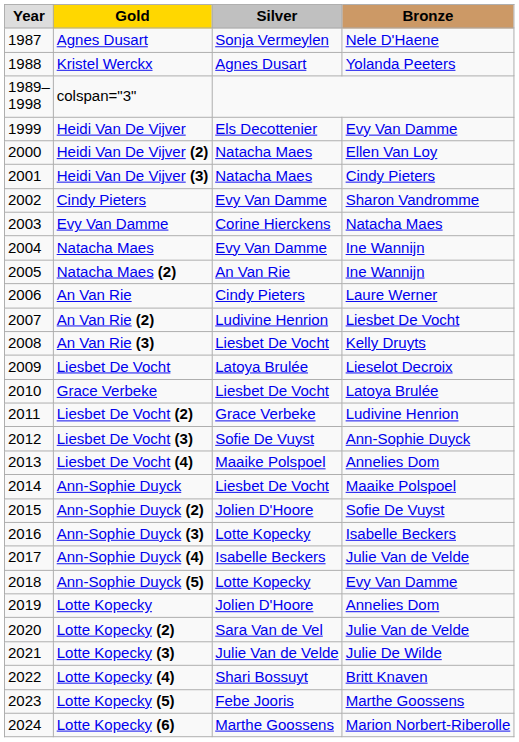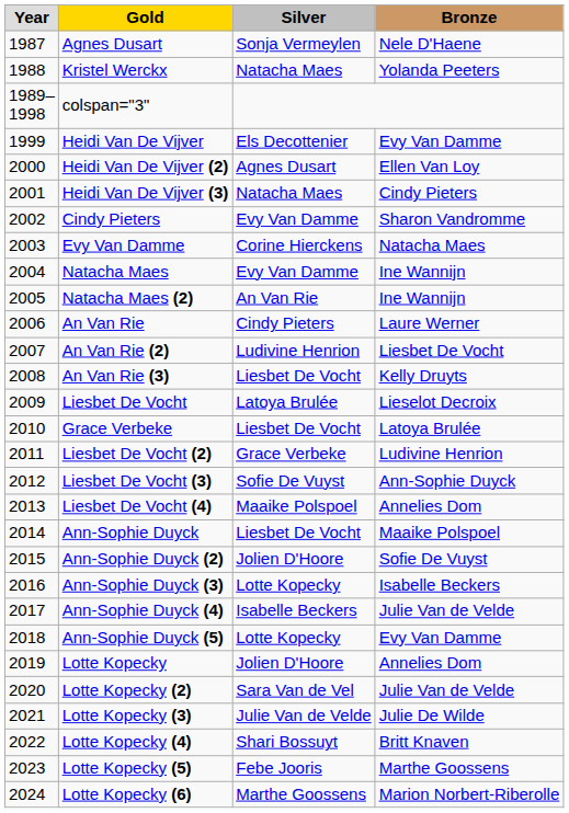 <table class="wikitable" style="text-align:left;">
 <tr>
 <td style="background:#DDDDDD; font-weight:bold; text-align:center;">Year</td>
 <td style="background:gold; font-weight:bold; text-align:center;">Gold</td>
 <td style="background:silver; font-weight:bold; text-align:center;">Silver</td>
 <td style="background:#cc9966; font-weight:bold; text-align:center;">Bronze</td>
 </tr>
 <tr>
 <td>1987</td>
 <td><a href='#'>Agnes Dusart</a></td>
 <td><a href='#'>Sonja Vermeylen</a></td>
 <td><a href='#'>Nele D'Haene</a></td>
 </tr>
 <tr>
 <td>1988</td>
 <td><a href='#'>Kristel Werckx</a></td>
-<td><a href='#'>Agnes Dusart</a></td>
+<td><a href='#'>Natacha Maes</a></td>
 <td><a href='#'>Yolanda Peeters</a></td>
 </tr>
 <tr>
 <td>1989–<br>1998</td>
 <td>colspan="3" </td>
 </tr>
 <tr>
 <td>1999</td>
 <td><a href='#'>Heidi Van De Vijver</a></td>
 <td><a href='#'>Els Decottenier</a></td>
 <td><a href='#'>Evy Van Damme</a></td>
 </tr>
 <tr>
 <td>2000</td>
 <td><a href='#'>Heidi Van De Vijver</a> <strong>(2)</strong></td>
-<td><a href='#'>Natacha Maes</a></td>
+<td><a href='#'>Agnes Dusart</a></td>
 <td><a href='#'>Ellen Van Loy</a></td>
 </tr>
 <tr>
 <td>2001</td>
 <td><a href='#'>Heidi Van De Vijver</a> <strong>(3)</strong></td>
 <td><a href='#'>Natacha Maes</a></td>
 <td><a href='#'>Cindy Pieters</a></td>
 </tr>
 <tr>
 <td>2002</td>
 <td><a href='#'>Cindy Pieters</a></td>
 <td><a href='#'>Evy Van Damme</a></td>
 <td><a href='#'>Sharon Vandromme</a></td>
 </tr>
 <tr>
 <td>2003</td>
 <td><a href='#'>Evy Van Damme</a></td>
 <td><a href='#'>Corine Hierckens</a></td>
 <td><a href='#'>Natacha Maes</a></td>
 </tr>
 <tr>
 <td>2004</td>
 <td><a href='#'>Natacha Maes</a></td>
 <td><a href='#'>Evy Van Damme</a></td>
 <td><a href='#'>Ine Wannijn</a></td>
 </tr>
 <tr>
 <td>2005</td>
 <td><a href='#'>Natacha Maes</a> <strong>(2)</strong></td>
 <td><a href='#'>An Van Rie</a></td>
 <td><a href='#'>Ine Wannijn</a></td>
 </tr>
 <tr>
 <td>2006</td>
 <td><a href='#'>An Van Rie</a></td>
 <td><a href='#'>Cindy Pieters</a></td>
 <td><a href='#'>Laure Werner</a></td>
 </tr>
 <tr>
 <td>2007</td>
 <td><a href='#'>An Van Rie</a> <strong>(2)</strong></td>
 <td><a href='#'>Ludivine Henrion</a></td>
 <td><a href='#'>Liesbet De Vocht</a></td>
 </tr>
 <tr>
 <td>2008</td>
 <td><a href='#'>An Van Rie</a> <strong>(3)</strong></td>
 <td><a href='#'>Liesbet De Vocht</a></td>
 <td><a href='#'>Kelly Druyts</a></td>
 </tr>
 <tr>
 <td>2009</td>
 <td><a href='#'>Liesbet De Vocht</a></td>
 <td><a href='#'>Latoya Brulée</a></td>
 <td><a href='#'>Lieselot Decroix</a></td>
 </tr>
 <tr>
 <td>2010</td>
 <td><a href='#'>Grace Verbeke</a></td>
 <td><a href='#'>Liesbet De Vocht</a></td>
 <td><a href='#'>Latoya Brulée</a></td>
 </tr>
 <tr>
 <td>2011</td>
 <td><a href='#'>Liesbet De Vocht</a> <strong>(2)</strong></td>
 <td><a href='#'>Grace Verbeke</a></td>
 <td><a href='#'>Ludivine Henrion</a></td>
 </tr>
 <tr>
 <td>2012</td>
 <td><a href='#'>Liesbet De Vocht</a> <strong>(3)</strong></td>
 <td><a href='#'>Sofie De Vuyst</a></td>
 <td><a href='#'>Ann-Sophie Duyck</a></td>
 </tr>
 <tr>
 <td>2013</td>
 <td><a href='#'>Liesbet De Vocht</a> <strong>(4)</strong></td>
 <td><a href='#'>Maaike Polspoel</a></td>
 <td><a href='#'>Annelies Dom</a></td>
 </tr>
 <tr>
 <td>2014</td>
 <td><a href='#'>Ann-Sophie Duyck</a></td>
 <td><a href='#'>Liesbet De Vocht</a></td>
 <td><a href='#'>Maaike Polspoel</a></td>
 </tr>
 <tr>
 <td>2015</td>
 <td><a href='#'>Ann-Sophie Duyck</a> <strong>(2)</strong></td>
 <td><a href='#'>Jolien D'Hoore</a></td>
 <td><a href='#'>Sofie De Vuyst</a></td>
 </tr>
 <tr>
 <td>2016</td>
 <td><a href='#'>Ann-Sophie Duyck</a> <strong>(3)</strong></td>
 <td><a href='#'>Lotte Kopecky</a></td>
 <td><a href='#'>Isabelle Beckers</a></td>
 </tr>
 <tr>
 <td>2017</td>
 <td><a href='#'>Ann-Sophie Duyck</a> <strong>(4)</strong></td>
 <td><a href='#'>Isabelle Beckers</a></td>
 <td><a href='#'>Julie Van de Velde</a></td>
 </tr>
 <tr>
 <td>2018</td>
 <td><a href='#'>Ann-Sophie Duyck</a> <strong>(5)</strong></td>
 <td><a href='#'>Lotte Kopecky</a></td>
 <td><a href='#'>Evy Van Damme</a></td>
 </tr>
 <tr>
 <td>2019</td>
 <td><a href='#'>Lotte Kopecky</a></td>
 <td><a href='#'>Jolien D'Hoore</a></td>
 <td><a href='#'>Annelies Dom</a></td>
 </tr>
 <tr>
 <td>2020</td>
 <td><a href='#'>Lotte Kopecky</a> <strong>(2)</strong></td>
 <td><a href='#'>Sara Van de Vel</a></td>
 <td><a href='#'>Julie Van de Velde</a></td>
 </tr>
 <tr>
 <td>2021</td>
 <td><a href='#'>Lotte Kopecky</a> <strong>(3)</strong></td>
 <td><a href='#'>Julie Van de Velde</a></td>
 <td><a href='#'>Julie De Wilde</a></td>
 </tr>
 <tr>
 <td>2022</td>
 <td><a href='#'>Lotte Kopecky</a> <strong>(4)</strong></td>
 <td><a href='#'>Shari Bossuyt</a></td>
 <td><a href='#'>Britt Knaven</a></td>
 </tr>
 <tr>
 <td>2023</td>
 <td><a href='#'>Lotte Kopecky</a> <strong>(5)</strong></td>
 <td><a href='#'>Febe Jooris</a></td>
 <td><a href='#'>Marthe Goossens</a></td>
 </tr>
 <tr>
 <td>2024</td>
 <td><a href='#'>Lotte Kopecky</a> <strong>(6)</strong></td>
 <td><a href='#'>Marthe Goossens</a></td>
 <td><a href='#'>Marion Norbert-Riberolle</a></td>
 </tr>
 </table>
